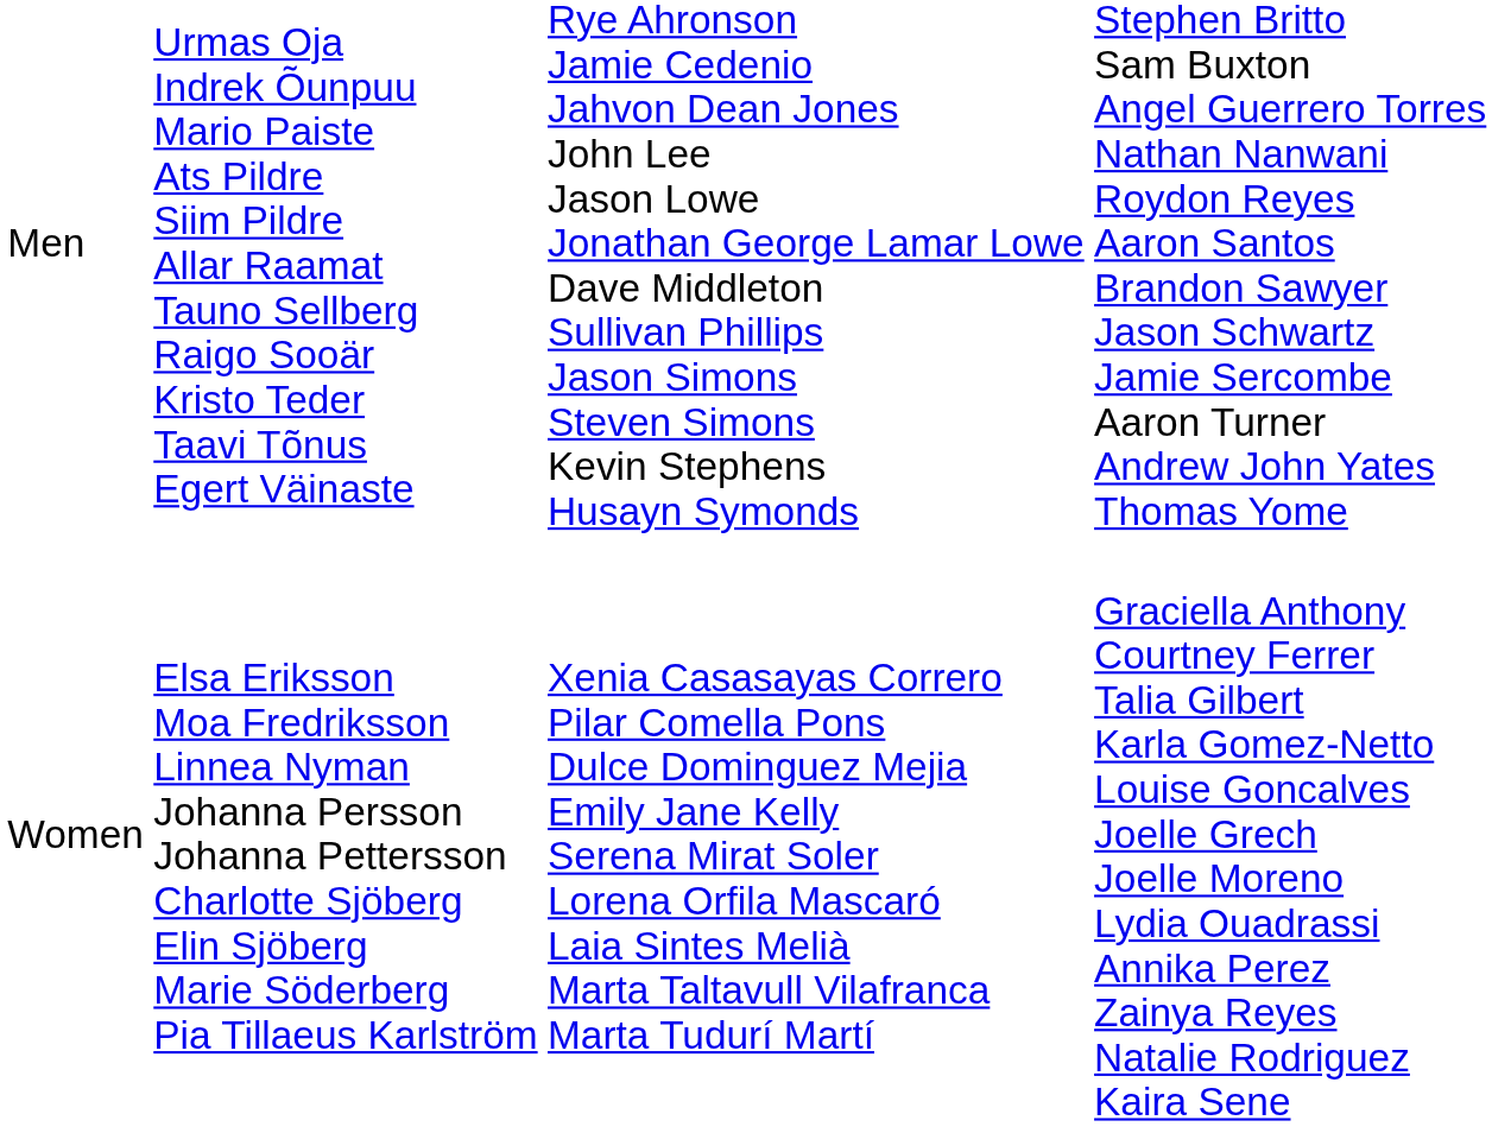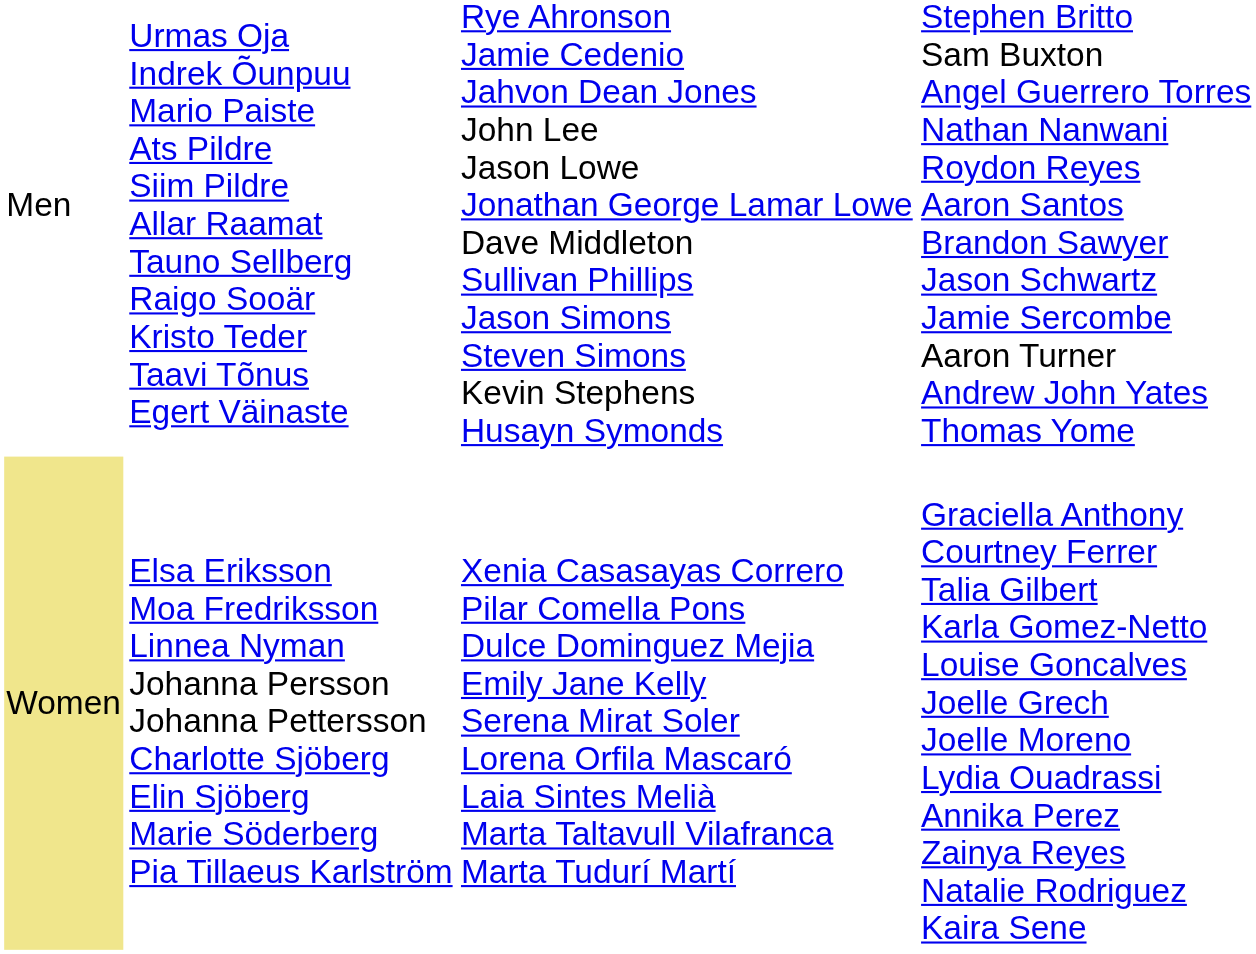 <table>
 <tr>
 <td>Men</td>
 <td><br><a href='#'>Urmas Oja</a><br><a href='#'>Indrek Õunpuu</a><br><a href='#'>Mario Paiste</a><br><a href='#'>Ats Pildre</a><br><a href='#'>Siim Pildre</a><br><a href='#'>Allar Raamat</a><br><a href='#'>Tauno Sellberg</a><br><a href='#'>Raigo Sooär</a><br><a href='#'>Kristo Teder</a><br><a href='#'>Taavi Tõnus</a><br><a href='#'>Egert Väinaste</a></td>
 <td><br><a href='#'>Rye Ahronson</a><br><a href='#'>Jamie Cedenio</a><br><a href='#'>Jahvon Dean Jones</a><br>John Lee<br>Jason Lowe<br><a href='#'>Jonathan George Lamar Lowe</a><br>Dave Middleton<br><a href='#'>Sullivan Phillips</a><br><a href='#'>Jason Simons</a><br><a href='#'>Steven Simons</a><br>Kevin Stephens<br><a href='#'>Husayn Symonds</a></td>
 <td><br><a href='#'>Stephen Britto</a><br>Sam Buxton<br><a href='#'>Angel Guerrero Torres</a><br><a href='#'>Nathan Nanwani</a><br><a href='#'>Roydon Reyes</a><br><a href='#'>Aaron Santos</a><br><a href='#'>Brandon Sawyer</a><br><a href='#'>Jason Schwartz</a><br><a href='#'>Jamie Sercombe</a><br>Aaron Turner<br><a href='#'>Andrew John Yates</a><br><a href='#'>Thomas Yome</a></td>
 </tr>
 <tr>
-<td>Women</td>
+<td style="background: khaki;">Women</td>
 <td><br><a href='#'>Elsa Eriksson</a><br><a href='#'>Moa Fredriksson</a><br><a href='#'>Linnea Nyman</a><br>Johanna Persson<br>Johanna Pettersson<br><a href='#'>Charlotte Sjöberg</a><br><a href='#'>Elin Sjöberg</a><br><a href='#'>Marie Söderberg</a><br><a href='#'>Pia Tillaeus Karlström</a></td>
 <td><br><a href='#'>Xenia Casasayas Correro</a><br><a href='#'>Pilar Comella Pons</a><br><a href='#'>Dulce Dominguez Mejia</a><br><a href='#'>Emily Jane Kelly</a><br><a href='#'>Serena Mirat Soler</a><br><a href='#'>Lorena Orfila Mascaró</a><br><a href='#'>Laia Sintes Melià</a><br><a href='#'>Marta Taltavull Vilafranca</a><br><a href='#'>Marta Tudurí Martí</a></td>
 <td><br><a href='#'>Graciella Anthony</a><br><a href='#'>Courtney Ferrer</a><br><a href='#'>Talia Gilbert</a><br><a href='#'>Karla Gomez-Netto</a><br><a href='#'>Louise Goncalves</a><br><a href='#'>Joelle Grech</a><br><a href='#'>Joelle Moreno</a><br><a href='#'>Lydia Ouadrassi</a><br><a href='#'>Annika Perez</a><br><a href='#'>Zainya Reyes</a><br><a href='#'>Natalie Rodriguez</a><br><a href='#'>Kaira Sene</a></td>
 </tr>
 </table>
